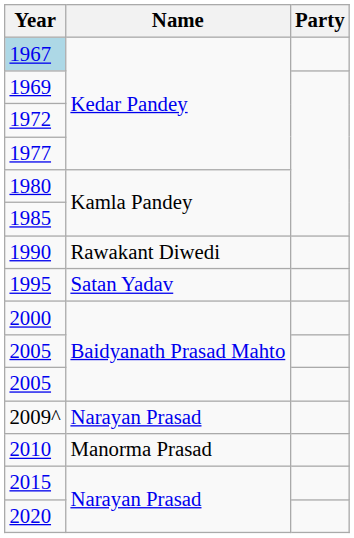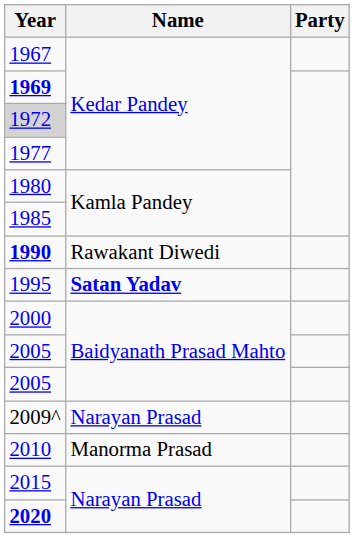 <table class="wikitable sortable">
 <tr>
 <th>Year</th>
 <th>Name</th>
 <th colspan="2">Party</th>
 </tr>
 <tr>
-<td style="background: lightblue;"><a href='#'>1967</a></td>
+<td><a href='#'>1967</a></td>
 <td rowspan="4"><a href='#'>Kedar Pandey</a></td>
 <td></td>
 </tr>
 <tr>
-<td><a href='#'>1969</a></td>
+<td><strong><a href='#'>1969</a></strong></td>
 </tr>
 <tr>
-<td><a href='#'>1972</a></td>
+<td style="background: lightgrey;"><a href='#'>1972</a></td>
 </tr>
 <tr>
 <td><a href='#'>1977</a></td>
 </tr>
 <tr>
 <td><a href='#'>1980</a></td>
 <td rowspan="2">Kamla Pandey</td>
 </tr>
 <tr>
 <td><a href='#'>1985</a></td>
 </tr>
 <tr>
-<td><a href='#'>1990</a></td>
+<td><strong><a href='#'>1990</a></strong></td>
 <td>Rawakant Diwedi</td>
 <td></td>
 </tr>
 <tr>
 <td><a href='#'>1995</a></td>
-<td><a href='#'>Satan Yadav</a></td>
+<td><strong><a href='#'>Satan Yadav</a></strong></td>
 <td></td>
 </tr>
 <tr>
 <td><a href='#'>2000</a></td>
 <td rowspan="3"><a href='#'>Baidyanath Prasad Mahto</a></td>
 <td></td>
 </tr>
 <tr>
 <td><a href='#'>2005</a></td>
 <td></td>
 </tr>
 <tr>
 <td><a href='#'>2005</a></td>
 </tr>
 <tr>
 <td>2009^</td>
 <td><a href='#'>Narayan Prasad</a></td>
 <td></td>
 </tr>
 <tr>
 <td><a href='#'>2010</a></td>
 <td>Manorma Prasad</td>
 <td></td>
 </tr>
 <tr>
 <td><a href='#'>2015</a></td>
 <td rowspan="2"><a href='#'>Narayan Prasad</a></td>
 <td></td>
 </tr>
 <tr>
-<td><a href='#'>2020</a></td>
+<td><strong><a href='#'>2020</a></strong></td>
 </tr>
 </table>
